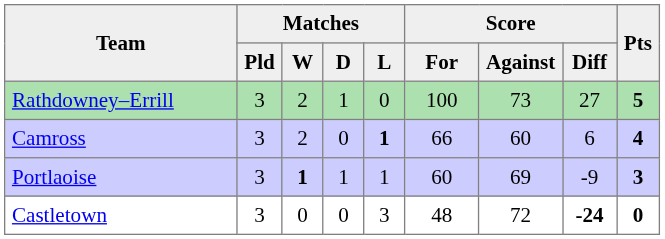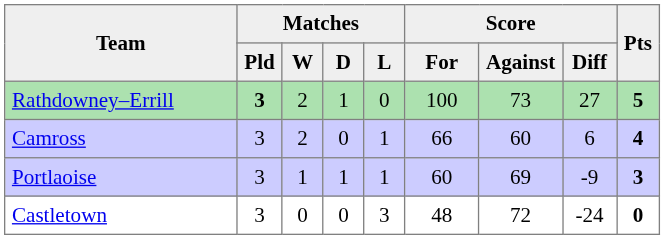 <table style=border-collapse:collapse border=1 cellspacing=0 cellpadding=5>
 <tr align=center bgcolor=#efefef>
 <th rowspan=2 width=165>Team</th>
 <th colspan=4>Matches</th>
 <th colspan=3>Score</th>
 <th rowspan=2width=20>Pts</th>
 </tr>
 <tr align=center bgcolor=#efefef>
 <th width=20>Pld</th>
 <th width=20>W</th>
 <th width=20>D</th>
 <th width=20>L</th>
 <th width=45>For</th>
 <th width=45>Against</th>
 <th width=30>Diff</th>
 </tr>
 <tr align=center style="background:#ACE1AF;">
 <td style="text-align:left;"><a href='#'>Rathdowney–Errill</a></td>
-<td>3</td>
+<td><strong>3</strong></td>
 <td>2</td>
 <td>1</td>
 <td>0</td>
 <td>100</td>
 <td>73</td>
 <td>27</td>
 <td><strong>5</strong></td>
 </tr>
 <tr align=center style="background:#ccccff;">
 <td style="text-align:left;"><a href='#'>Camross</a></td>
 <td>3</td>
 <td>2</td>
 <td>0</td>
-<td><strong>1</strong></td>
+<td>1</td>
 <td>66</td>
 <td>60</td>
 <td>6</td>
 <td><strong>4</strong></td>
 </tr>
 <tr align=center style="background:#ccccff;">
 <td style="text-align:left;"><a href='#'>Portlaoise</a></td>
 <td>3</td>
-<td><strong>1</strong></td>
+<td>1</td>
 <td>1</td>
 <td>1</td>
 <td>60</td>
 <td>69</td>
 <td>-9</td>
 <td><strong>3</strong></td>
 </tr>
 <tr align=center>
 <td style="text-align:left;"><a href='#'>Castletown</a></td>
 <td>3</td>
 <td>0</td>
 <td>0</td>
 <td>3</td>
 <td>48</td>
 <td>72</td>
-<td><strong>-24</strong></td>
+<td>-24</td>
 <td><strong>0</strong></td>
 </tr>
 </table>
